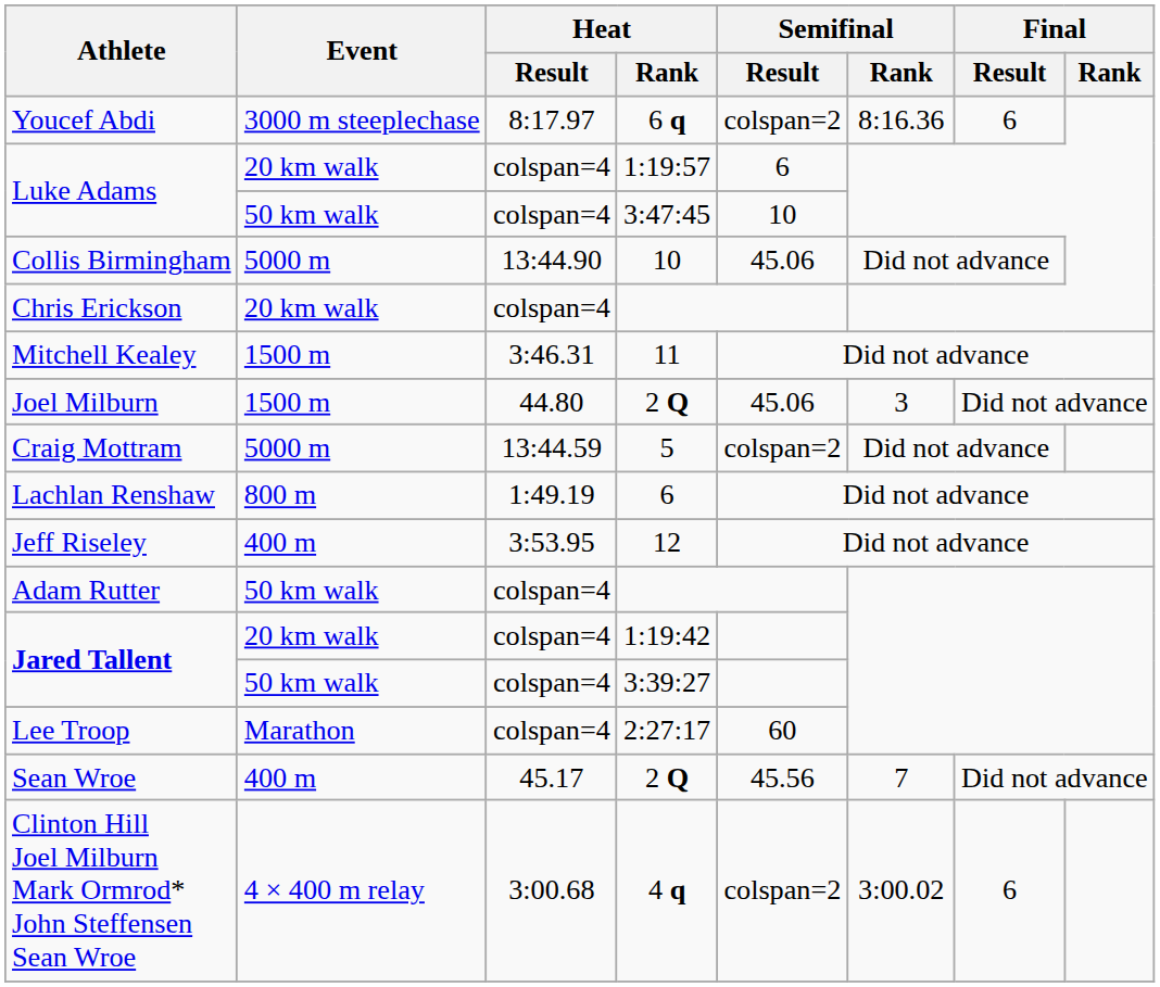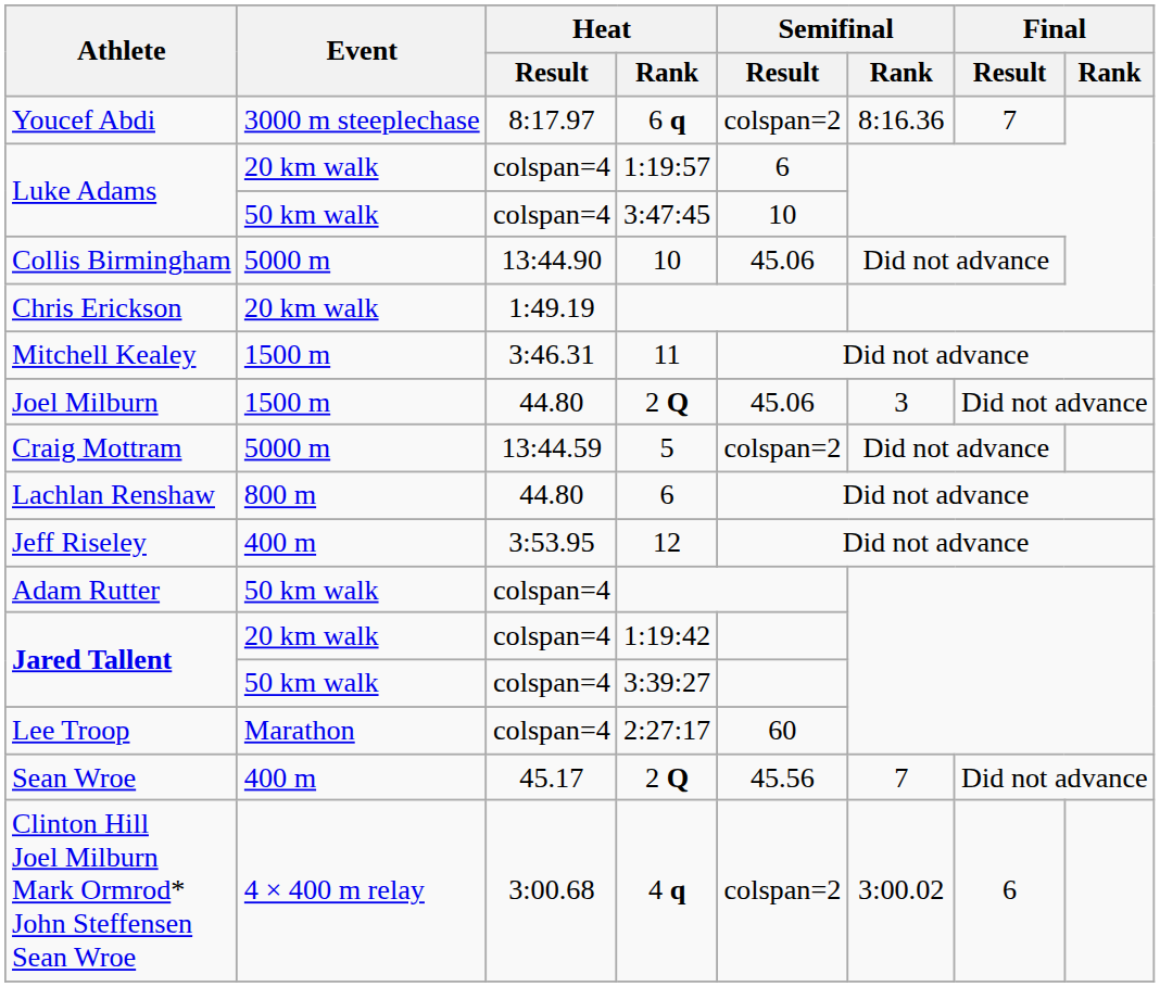 <table class=wikitable style="font-size:90%">
 <tr>
 <th rowspan="2">Athlete</th>
 <th rowspan="2">Event</th>
 <th colspan="2">Heat</th>
 <th colspan="2">Semifinal</th>
 <th colspan="2">Final</th>
 </tr>
 <tr style="font-size:95%">
 <th>Result</th>
 <th>Rank</th>
 <th>Result</th>
 <th>Rank</th>
 <th>Result</th>
 <th>Rank</th>
 </tr>
 <tr align=center>
 <td align=left><a href='#'>Youcef Abdi</a></td>
 <td align=left><a href='#'>3000 m steeplechase</a></td>
 <td>8:17.97</td>
 <td>6 <strong>q</strong></td>
 <td>colspan=2 </td>
 <td>8:16.36</td>
-<td>6</td>
+<td>7</td>
 </tr>
 <tr align=center>
 <td align=left rowspan=2><a href='#'>Luke Adams</a></td>
 <td align=left><a href='#'>20 km walk</a></td>
 <td>colspan=4 </td>
 <td>1:19:57</td>
 <td>6</td>
 </tr>
 <tr align=center>
 <td align=left><a href='#'>50 km walk</a></td>
 <td>colspan=4 </td>
 <td>3:47:45</td>
 <td>10</td>
 </tr>
 <tr align=center>
 <td align=left><a href='#'>Collis Birmingham</a></td>
 <td align=left><a href='#'>5000 m</a></td>
 <td>13:44.90</td>
 <td>10</td>
 <td>45.06</td>
 <td colspan=2>Did not advance</td>
 </tr>
 <tr align=center>
 <td align=left><a href='#'>Chris Erickson</a></td>
 <td align=left><a href='#'>20 km walk</a></td>
-<td>colspan=4 </td>
+<td>1:49.19</td>
 <td colspan=2></td>
 </tr>
 <tr align=center>
 <td align=left><a href='#'>Mitchell Kealey</a></td>
 <td align=left><a href='#'>1500 m</a></td>
 <td>3:46.31</td>
 <td>11</td>
 <td colspan=4>Did not advance</td>
 </tr>
 <tr align=center>
 <td align=left><a href='#'>Joel Milburn</a></td>
 <td align=left><a href='#'>1500 m</a></td>
 <td>44.80</td>
 <td>2 <strong>Q</strong></td>
 <td>45.06</td>
 <td>3</td>
 <td colspan=2>Did not advance</td>
 </tr>
 <tr align=center>
 <td align=left><a href='#'>Craig Mottram</a></td>
 <td align=left><a href='#'>5000 m</a></td>
 <td>13:44.59</td>
 <td>5</td>
 <td>colspan=2 </td>
 <td colspan=2>Did not advance</td>
 </tr>
 <tr align=center>
 <td align=left><a href='#'>Lachlan Renshaw</a></td>
 <td align=left><a href='#'>800 m</a></td>
-<td>1:49.19</td>
+<td>44.80</td>
 <td>6</td>
 <td colspan=4>Did not advance</td>
 </tr>
 <tr align=center>
 <td align=left><a href='#'>Jeff Riseley</a></td>
 <td align=left><a href='#'>400 m</a></td>
 <td>3:53.95</td>
 <td>12</td>
 <td colspan=4>Did not advance</td>
 </tr>
 <tr align=center>
 <td align=left><a href='#'>Adam Rutter</a></td>
 <td align=left><a href='#'>50 km walk</a></td>
 <td>colspan=4 </td>
 <td colspan=2></td>
 </tr>
 <tr align=center>
 <td align=left rowspan=2><strong><a href='#'>Jared Tallent</a></strong></td>
 <td align=left><a href='#'>20 km walk</a></td>
 <td>colspan=4 </td>
 <td>1:19:42</td>
 <td></td>
 </tr>
 <tr align=center>
 <td align=left><a href='#'>50 km walk</a></td>
 <td>colspan=4 </td>
 <td>3:39:27</td>
 <td></td>
 </tr>
 <tr align=center>
 <td align=left><a href='#'>Lee Troop</a></td>
 <td align=left><a href='#'>Marathon</a></td>
 <td>colspan=4 </td>
 <td>2:27:17</td>
 <td>60</td>
 </tr>
 <tr align=center>
 <td align=left><a href='#'>Sean Wroe</a></td>
 <td align=left><a href='#'>400 m</a></td>
 <td>45.17</td>
 <td>2 <strong>Q</strong></td>
 <td>45.56</td>
 <td>7</td>
 <td colspan=2>Did not advance</td>
 </tr>
 <tr align=center>
 <td align=left><a href='#'>Clinton Hill</a><br><a href='#'>Joel Milburn</a><br><a href='#'>Mark Ormrod</a>*<br><a href='#'>John Steffensen</a><br><a href='#'>Sean Wroe</a></td>
 <td align=left><a href='#'>4 × 400 m relay</a></td>
 <td>3:00.68</td>
 <td>4 <strong>q</strong></td>
 <td>colspan=2 </td>
 <td>3:00.02</td>
 <td>6</td>
 </tr>
 </table>
